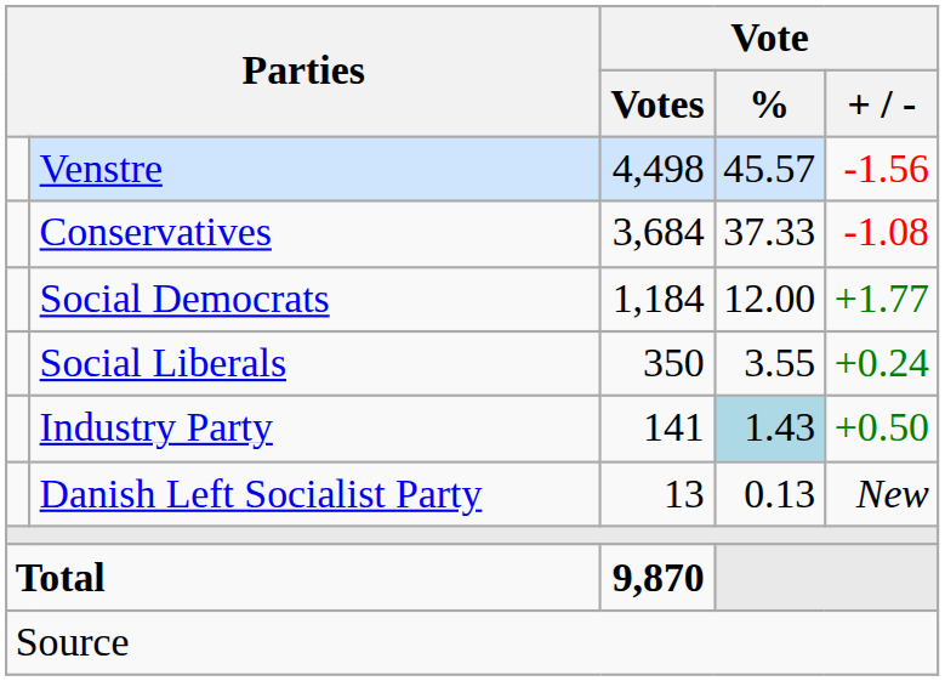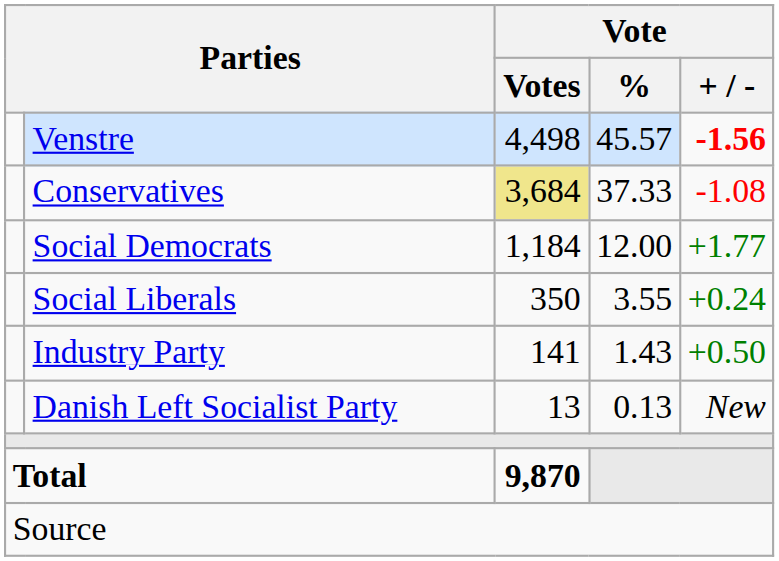 <table class="wikitable" style="text-align:right;">
 <tr>
 <th style="text-align:centre;" rowspan="2" colspan="2" width="225">Parties</th>
 <th colspan="3">Vote</th>
 </tr>
 <tr>
 <th width="15">Votes</th>
 <th width="15">%</th>
 <th width="15">+ / -</th>
 </tr>
 <tr>
 <td width="2" style="color:inherit;background:"></td>
 <td bgcolor=#cfe5fe  align="left"><a href='#'>Venstre</a></td>
 <td bgcolor=#cfe5fe>4,498</td>
 <td bgcolor=#cfe5fe>45.57</td>
-<td style=color:red;>-1.56</td>
+<td style=color:red;><strong>-1.56</strong></td>
 </tr>
 <tr>
 <td width="2" style="color:inherit;background:"></td>
 <td align="left"><a href='#'>Conservatives</a></td>
-<td>3,684</td>
+<td style="background: khaki;">3,684</td>
 <td>37.33</td>
 <td style=color:red;>-1.08</td>
 </tr>
 <tr>
 <td width="2" style="color:inherit;background:"></td>
 <td align="left"><a href='#'>Social Democrats</a></td>
 <td>1,184</td>
 <td>12.00</td>
 <td style=color:green;>+1.77</td>
 </tr>
 <tr>
 <td width="2" style="color:inherit;background:"></td>
 <td align="left"><a href='#'>Social Liberals</a></td>
 <td>350</td>
 <td>3.55</td>
 <td style=color:green;>+0.24</td>
 </tr>
 <tr>
 <td width="2" style="color:inherit;background:"></td>
 <td align="left"><a href='#'>Industry Party</a></td>
 <td>141</td>
-<td style="background: lightblue;">1.43</td>
+<td>1.43</td>
 <td style=color:green;>+0.50</td>
 </tr>
 <tr>
 <td width="2" style="color:inherit;background:"></td>
 <td align="left"><a href='#'>Danish Left Socialist Party</a></td>
 <td>13</td>
 <td>0.13</td>
 <td><em>New</em></td>
 </tr>
 <tr>
 <td colspan="7" bgcolor="#E9E9E9"></td>
 </tr>
 <tr>
 <td align="left" colspan="2"><strong>Total</strong></td>
 <td><strong>9,870</strong></td>
 <td bgcolor="#E9E9E9" colspan="2"></td>
 </tr>
 <tr>
 <td align="left" colspan="6">Source</td>
 </tr>
 </table>
